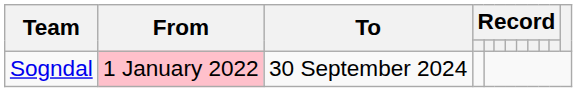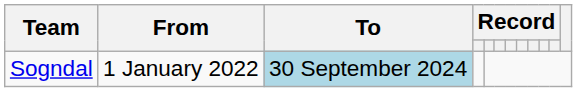 <table class="wikitable" style="text-align: center">
 <tr>
 <th rowspan="2">Team</th>
 <th rowspan="2">From</th>
 <th rowspan="2">To</th>
 <th colspan="8">Record</th>
 <th rowspan=2></th>
 </tr>
 <tr>
 <th></th>
 <th></th>
 <th></th>
 <th></th>
 <th></th>
 <th></th>
 <th></th>
 <th></th>
 </tr>
 <tr>
 <td align=left><a href='#'>Sogndal</a></td>
-<td align=left style="background: pink;">1 January 2022</td>
-<td align=left>30 September 2024<br></td>
+<td align=left>1 January 2022</td>
+<td align=left style="background: lightblue;">30 September 2024<br></td>
 <td></td>
 </tr>
 </table>
